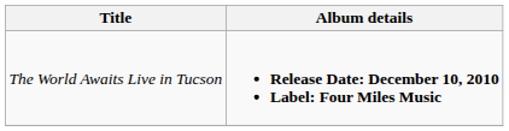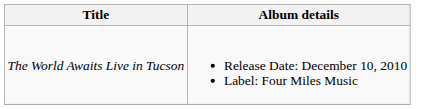 <table class="wikitable">
 <tr>
 <th><strong>Title</strong></th>
 <th><strong>Album details</strong></th>
 </tr>
 <tr>
 <td><em>The World Awaits Live in Tucson</em></td>
-<td><strong><br><ul><li>Release Date: December 10, 2010</li><li>Label: Four Miles Music</li></ul></strong></td>
+<td><br><ul><li>Release Date: December 10, 2010</li><li>Label: Four Miles Music</li></ul></td>
 </tr>
 <tr>
 </tr>
 </table>
